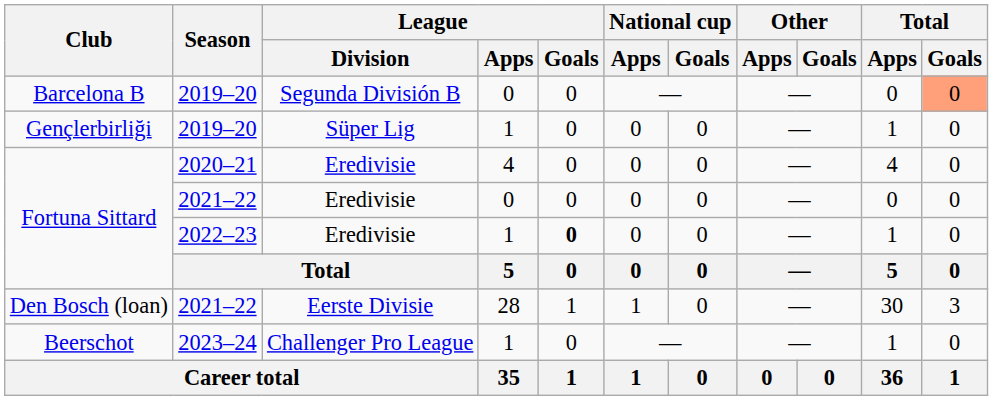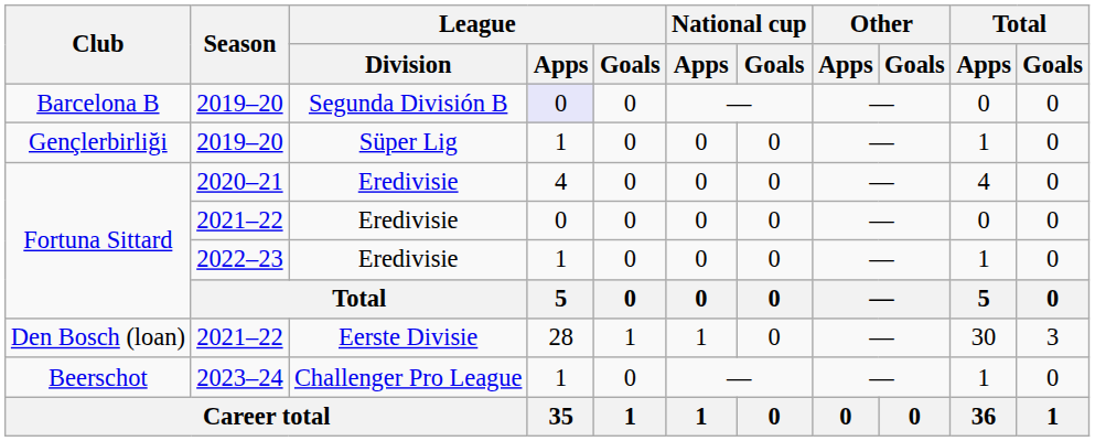 <table class="wikitable" style="text-align: center">
 <tr>
 <th rowspan="2">Club</th>
 <th rowspan="2">Season</th>
 <th colspan="3">League</th>
 <th colspan="2">National cup</th>
 <th colspan="2">Other</th>
 <th colspan="2">Total</th>
 </tr>
 <tr>
 <th>Division</th>
 <th>Apps</th>
 <th>Goals</th>
 <th>Apps</th>
 <th>Goals</th>
 <th>Apps</th>
 <th>Goals</th>
 <th>Apps</th>
 <th>Goals</th>
 </tr>
 <tr>
 <td><a href='#'>Barcelona B</a></td>
 <td><a href='#'>2019–20</a></td>
 <td><a href='#'>Segunda División B</a></td>
-<td>0</td>
+<td style="background: lavender;">0</td>
 <td>0</td>
 <td colspan="2">—</td>
 <td colspan="2">—</td>
 <td>0</td>
-<td style="background: lightsalmon;">0</td>
+<td>0</td>
 </tr>
 <tr>
 <td><a href='#'>Gençlerbirliği</a></td>
 <td><a href='#'>2019–20</a></td>
 <td><a href='#'>Süper Lig</a></td>
 <td>1</td>
 <td>0</td>
 <td>0</td>
 <td>0</td>
 <td colspan="2">—</td>
 <td>1</td>
 <td>0</td>
 </tr>
 <tr>
 <td rowspan="4"><a href='#'>Fortuna Sittard</a></td>
 <td><a href='#'>2020–21</a></td>
 <td><a href='#'>Eredivisie</a></td>
 <td>4</td>
 <td>0</td>
 <td>0</td>
 <td>0</td>
 <td colspan="2">—</td>
 <td>4</td>
 <td>0</td>
 </tr>
 <tr>
 <td><a href='#'>2021–22</a></td>
 <td>Eredivisie</td>
 <td>0</td>
 <td>0</td>
 <td>0</td>
 <td>0</td>
 <td colspan="2">—</td>
 <td>0</td>
 <td>0</td>
 </tr>
 <tr>
 <td><a href='#'>2022–23</a></td>
 <td>Eredivisie</td>
 <td>1</td>
-<td><strong>0</strong></td>
+<td>0</td>
 <td>0</td>
 <td>0</td>
 <td colspan="2">—</td>
 <td>1</td>
 <td>0</td>
 </tr>
 <tr>
 <th colspan="2">Total</th>
 <th>5</th>
 <th>0</th>
 <th>0</th>
 <th>0</th>
 <th colspan="2">—</th>
 <th>5</th>
 <th>0</th>
 </tr>
 <tr>
 <td><a href='#'>Den Bosch</a> (loan)</td>
 <td><a href='#'>2021–22</a></td>
 <td><a href='#'>Eerste Divisie</a></td>
 <td>28</td>
 <td>1</td>
 <td>1</td>
 <td>0</td>
 <td colspan="2">—</td>
 <td>30</td>
 <td>3</td>
 </tr>
 <tr>
 <td><a href='#'>Beerschot</a></td>
 <td><a href='#'>2023–24</a></td>
 <td><a href='#'>Challenger Pro League</a></td>
 <td>1</td>
 <td>0</td>
 <td colspan="2">—</td>
 <td colspan="2">—</td>
 <td>1</td>
 <td>0</td>
 </tr>
 <tr>
 <th colspan="3">Career total</th>
 <th>35</th>
 <th>1</th>
 <th>1</th>
 <th>0</th>
 <th>0</th>
 <th>0</th>
 <th>36</th>
 <th>1</th>
 </tr>
 </table>
